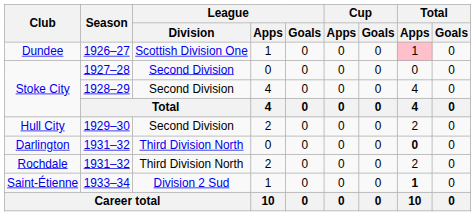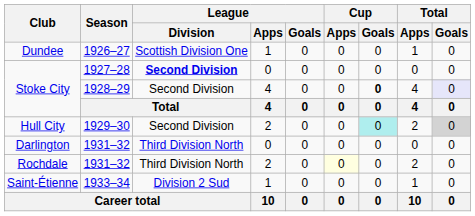 <table class="wikitable" style="text-align: center;">
 <tr>
 <th rowspan="2">Club</th>
 <th rowspan="2">Season</th>
 <th colspan="3">League</th>
 <th colspan="2">Cup</th>
 <th colspan="2">Total</th>
 </tr>
 <tr>
 <th>Division</th>
 <th>Apps</th>
 <th>Goals</th>
 <th>Apps</th>
 <th>Goals</th>
 <th>Apps</th>
 <th>Goals</th>
 </tr>
 <tr>
 <td><a href='#'>Dundee</a></td>
 <td><a href='#'>1926–27</a></td>
 <td><a href='#'>Scottish Division One</a></td>
 <td>1</td>
 <td>0</td>
 <td>0</td>
 <td>0</td>
-<td style="background: pink;">1</td>
+<td>1</td>
 <td>0</td>
 </tr>
 <tr>
 <td rowspan=3><a href='#'>Stoke City</a></td>
 <td><a href='#'>1927–28</a></td>
-<td><a href='#'>Second Division</a></td>
+<td><strong><a href='#'>Second Division</a></strong></td>
 <td>0</td>
 <td>0</td>
 <td>0</td>
 <td>0</td>
 <td>0</td>
 <td>0</td>
 </tr>
 <tr>
 <td><a href='#'>1928–29</a></td>
 <td>Second Division</td>
 <td>4</td>
 <td>0</td>
 <td>0</td>
-<td>0</td>
+<td><strong>0</strong></td>
 <td>4</td>
-<td>0</td>
+<td style="background: lavender;">0</td>
 </tr>
 <tr>
 <th colspan="2">Total</th>
 <th>4</th>
 <th>0</th>
 <th>0</th>
 <th>0</th>
 <th>4</th>
 <th>0</th>
 </tr>
 <tr>
 <td><a href='#'>Hull City</a></td>
 <td><a href='#'>1929–30</a></td>
 <td>Second Division</td>
 <td>2</td>
 <td>0</td>
 <td>0</td>
-<td>0</td>
+<td style="background: paleturquoise;">0</td>
 <td>2</td>
-<td>0</td>
+<td style="background: lightgrey;">0</td>
 </tr>
 <tr>
 <td><a href='#'>Darlington</a></td>
 <td><a href='#'>1931–32</a></td>
 <td><a href='#'>Third Division North</a></td>
 <td>0</td>
 <td>0</td>
 <td>0</td>
 <td>0</td>
-<td><strong>0</strong></td>
+<td>0</td>
 <td>0</td>
 </tr>
 <tr>
 <td><a href='#'>Rochdale</a></td>
 <td><a href='#'>1931–32</a></td>
 <td>Third Division North</td>
 <td>2</td>
 <td>0</td>
-<td>0</td>
+<td style="background: lightyellow;">0</td>
 <td>0</td>
 <td>2</td>
 <td>0</td>
 </tr>
 <tr>
 <td><a href='#'>Saint-Étienne</a></td>
 <td><a href='#'>1933–34</a></td>
 <td><a href='#'>Division 2 Sud</a></td>
 <td>1</td>
 <td>0</td>
 <td>0</td>
 <td>0</td>
-<td><strong>1</strong></td>
+<td>1</td>
 <td>0</td>
 </tr>
 <tr>
 <th colspan="3">Career total</th>
 <th>10</th>
 <th>0</th>
 <th>0</th>
 <th>0</th>
 <th>10</th>
 <th>0</th>
 </tr>
 </table>
